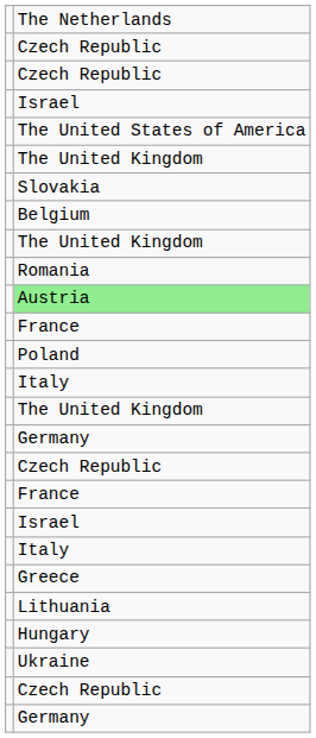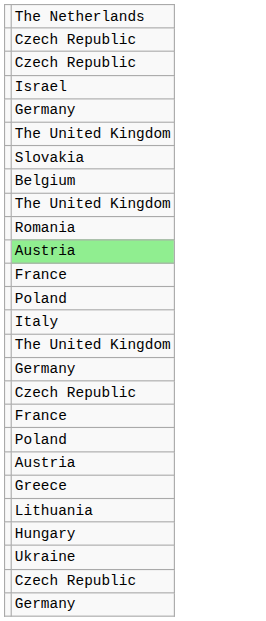 <table class="wikitable">
 <tr>
 <td><br></td>
 <td>The Netherlands</td>
 </tr>
 <tr>
 <td></td>
 <td>Czech Republic</td>
 </tr>
 <tr>
 <td></td>
 <td>Czech Republic</td>
 </tr>
 <tr>
 <td></td>
 <td>Israel</td>
 </tr>
 <tr>
 <td></td>
-<td>The United States of  America</td>
+<td>Germany</td>
 </tr>
 <tr>
 <td></td>
 <td>The United Kingdom</td>
 </tr>
 <tr>
 <td></td>
 <td>Slovakia</td>
 </tr>
 <tr>
 <td></td>
 <td>Belgium</td>
 </tr>
 <tr>
 <td></td>
 <td>The United Kingdom</td>
 </tr>
 <tr>
 <td></td>
 <td>Romania</td>
 </tr>
 <tr>
 <td></td>
 <td style="background: lightgreen;">Austria</td>
 </tr>
 <tr>
 <td></td>
 <td>France</td>
 </tr>
 <tr>
 <td></td>
 <td>Poland</td>
 </tr>
 <tr>
 <td></td>
 <td>Italy</td>
 </tr>
 <tr>
 <td></td>
 <td>The United Kingdom</td>
 </tr>
 <tr>
 <td></td>
 <td>Germany</td>
 </tr>
 <tr>
 <td></td>
 <td>Czech Republic</td>
 </tr>
 <tr>
 <td></td>
 <td>France</td>
 </tr>
 <tr>
 <td></td>
-<td>Israel</td>
+<td>Poland</td>
 </tr>
 <tr>
 <td></td>
-<td>Italy</td>
+<td>Austria</td>
 </tr>
 <tr>
 <td></td>
 <td>Greece</td>
 </tr>
 <tr>
 <td></td>
 <td>Lithuania</td>
 </tr>
 <tr>
 <td></td>
 <td>Hungary</td>
 </tr>
 <tr>
 <td></td>
 <td>Ukraine</td>
 </tr>
 <tr>
 <td></td>
 <td>Czech Republic</td>
 </tr>
 <tr>
 <td></td>
 <td>Germany</td>
 </tr>
 </table>
